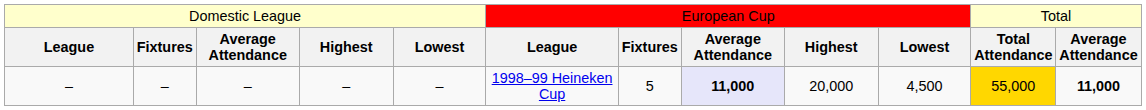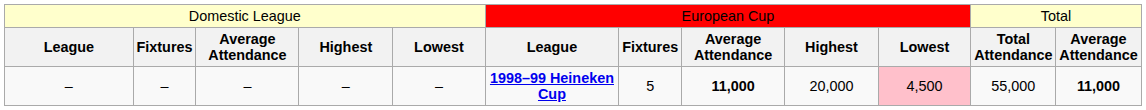 <table class="wikitable sortable" style="font-size:90%; width:90%;">
 <tr>
 <td colspan="5" class="wikitable sortable" style="width:45%; background:#ffffcc; text-align:center;"><span>Domestic League</span></td>
 <td colspan="5" class="wikitable sortable" style="width:45%; background:#f00; text-align:center;"><span>European Cup</span></td>
 <td colspan="2" class="wikitable sortable" style="width:45%; background:#ffffcc; text-align:center;"><span>Total</span></td>
 </tr>
 <tr>
 <th style="width:15%;">League</th>
 <th style="width:5%;">Fixtures</th>
 <th style="width:10%;">Average Attendance</th>
 <th style="width:10%;">Highest</th>
 <th style="width:10%;">Lowest</th>
 <th style="width:15%;">League</th>
 <th style="width:5%;">Fixtures</th>
 <th style="width:10%;">Average Attendance</th>
 <th style="width:10%;">Highest</th>
 <th style="width:10%;">Lowest</th>
 <th style="width:10%;">Total Attendance</th>
 <th style="width:10%;">Average Attendance</th>
 </tr>
 <tr>
 <td align=center>–</td>
 <td align=center>–</td>
 <td align=center>–</td>
 <td align=center>–</td>
 <td align=center>–</td>
-<td align=center><a href='#'>1998–99 Heineken Cup</a></td>
+<td align=center><strong><a href='#'>1998–99 Heineken Cup</a></strong></td>
 <td align=center>5</td>
-<td align=center style="background: lavender;"><strong>11,000</strong></td>
+<td align=center><strong>11,000</strong></td>
 <td align=center>20,000</td>
-<td align=center>4,500</td>
-<td align=center style="background: gold;">55,000</td>
+<td align=center style="background: pink;">4,500</td>
+<td align=center>55,000</td>
 <td align=center><strong>11,000</strong></td>
 </tr>
 <tr>
 </tr>
 </table>
